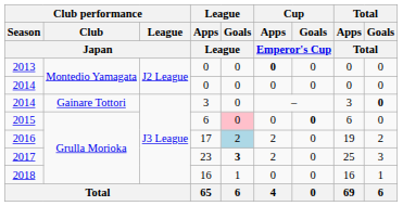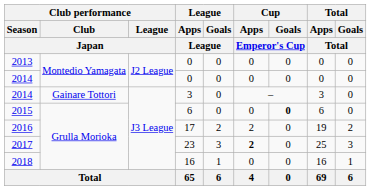 <table class="wikitable" style="text-align:center;">
 <tr>
 <th colspan=3>Club performance</th>
 <th colspan=2>League</th>
 <th colspan=2>Cup</th>
 <th colspan=2>Total</th>
 </tr>
 <tr>
 <th>Season</th>
 <th>Club</th>
 <th>League</th>
 <th>Apps</th>
 <th>Goals</th>
 <th>Apps</th>
 <th>Goals</th>
 <th>Apps</th>
 <th>Goals</th>
 </tr>
 <tr>
 <th colspan=3>Japan</th>
 <th colspan=2>League</th>
 <th colspan=2><a href='#'>Emperor's Cup</a></th>
 <th colspan=2>Total</th>
 </tr>
 <tr>
 <td><a href='#'>2013</a></td>
 <td rowspan="2"><a href='#'>Montedio Yamagata</a></td>
 <td rowspan="2"><a href='#'>J2 League</a></td>
 <td>0</td>
 <td>0</td>
-<td><strong>0</strong></td>
+<td>0</td>
 <td>0</td>
 <td>0</td>
 <td>0</td>
 </tr>
 <tr>
 <td><a href='#'>2014</a></td>
 <td>0</td>
 <td>0</td>
 <td>0</td>
 <td>0</td>
 <td>0</td>
 <td>0</td>
 </tr>
 <tr>
 <td><a href='#'>2014</a></td>
 <td><a href='#'>Gainare Tottori</a></td>
 <td rowspan="5"><a href='#'>J3 League</a></td>
 <td>3</td>
 <td>0</td>
 <td colspan="2">–</td>
 <td>3</td>
-<td><strong>0</strong></td>
+<td>0</td>
 </tr>
 <tr>
 <td><a href='#'>2015</a></td>
 <td rowspan="4"><a href='#'>Grulla Morioka</a></td>
 <td>6</td>
-<td style="background: pink;">0</td>
+<td>0</td>
 <td>0</td>
 <td><strong>0</strong></td>
 <td>6</td>
 <td>0</td>
 </tr>
 <tr>
 <td><a href='#'>2016</a></td>
 <td>17</td>
-<td style="background: lightblue;">2</td>
+<td>2</td>
 <td>2</td>
 <td>0</td>
 <td>19</td>
 <td>2</td>
 </tr>
 <tr>
 <td><a href='#'>2017</a></td>
 <td>23</td>
-<td><strong>3</strong></td>
-<td>2</td>
+<td>3</td>
+<td><strong>2</strong></td>
 <td>0</td>
 <td>25</td>
 <td>3</td>
 </tr>
 <tr>
 <td><a href='#'>2018</a></td>
 <td>16</td>
 <td>1</td>
 <td>0</td>
 <td>0</td>
 <td>16</td>
 <td>1</td>
 </tr>
 <tr>
 <th colspan=3>Total</th>
 <th>65</th>
 <th>6</th>
 <th>4</th>
 <th>0</th>
 <th>69</th>
 <th>6</th>
 </tr>
 </table>
